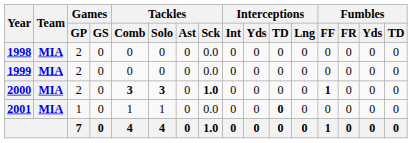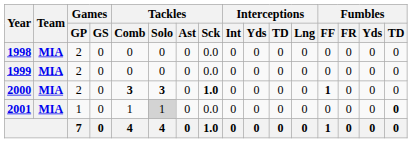 <table class="wikitable" style="text-align:center">
 <tr>
 <th rowspan="2">Year</th>
 <th rowspan="2">Team</th>
 <th colspan="2">Games</th>
 <th colspan="4">Tackles</th>
 <th colspan="4">Interceptions</th>
 <th colspan="4">Fumbles</th>
 </tr>
 <tr>
 <th>GP</th>
 <th>GS</th>
 <th>Comb</th>
 <th>Solo</th>
 <th>Ast</th>
 <th>Sck</th>
 <th>Int</th>
 <th>Yds</th>
 <th>TD</th>
 <th>Lng</th>
 <th>FF</th>
 <th>FR</th>
 <th>Yds</th>
 <th>TD</th>
 </tr>
 <tr>
 <th><a href='#'>1998</a></th>
 <th><a href='#'>MIA</a></th>
 <td>2</td>
 <td>0</td>
 <td>0</td>
 <td>0</td>
 <td>0</td>
 <td>0.0</td>
 <td>0</td>
 <td>0</td>
 <td>0</td>
 <td>0</td>
 <td>0</td>
 <td>0</td>
 <td>0</td>
 <td>0</td>
 </tr>
 <tr>
 <th><a href='#'>1999</a></th>
 <th><a href='#'>MIA</a></th>
 <td>2</td>
 <td>0</td>
 <td>0</td>
 <td>0</td>
 <td>0</td>
 <td>0.0</td>
 <td>0</td>
 <td>0</td>
 <td>0</td>
 <td>0</td>
 <td>0</td>
 <td>0</td>
 <td>0</td>
 <td>0</td>
 </tr>
 <tr>
 <th><a href='#'>2000</a></th>
 <th><a href='#'>MIA</a></th>
 <td>2</td>
 <td>0</td>
 <td><strong>3</strong></td>
 <td><strong>3</strong></td>
 <td>0</td>
 <td><strong>1.0</strong></td>
 <td>0</td>
 <td>0</td>
 <td>0</td>
 <td>0</td>
 <td><strong>1</strong></td>
 <td>0</td>
 <td>0</td>
 <td>0</td>
 </tr>
 <tr>
 <th><a href='#'>2001</a></th>
 <th><a href='#'>MIA</a></th>
 <td>1</td>
 <td>0</td>
 <td>1</td>
-<td>1</td>
+<td style="background: lightgrey;">1</td>
 <td>0</td>
 <td>0.0</td>
-<td>0</td>
-<td>0</td>
-<td><strong>0</strong></td>
 <td>0</td>
 <td>0</td>
 <td>0</td>
 <td>0</td>
 <td>0</td>
+<td>0</td>
+<td>0</td>
+<td><strong>0</strong></td>
 </tr>
 <tr>
 <th colspan="2"></th>
 <th>7</th>
 <th>0</th>
 <th>4</th>
 <th>4</th>
 <th>0</th>
 <th>1.0</th>
 <th>0</th>
 <th>0</th>
 <th>0</th>
 <th>0</th>
 <th>1</th>
 <th>0</th>
 <th>0</th>
 <th>0</th>
 </tr>
 </table>
